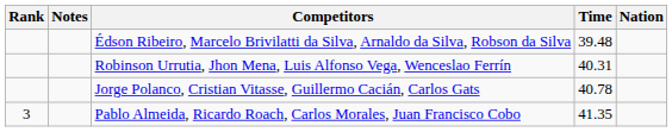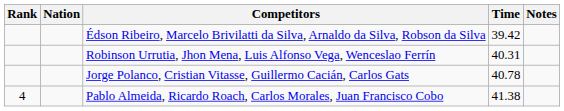 <table class="wikitable sortable" style="text-align:center">
 <tr>
 <th>Rank</th>
-<th>Notes</th>
+<th>Nation</th>
 <th>Competitors</th>
 <th>Time</th>
-<th>Nation</th>
+<th>Notes</th>
 </tr>
 <tr>
 <td></td>
+<td align=left></td>
+<td align=left><a href='#'>Édson Ribeiro</a>, <a href='#'>Marcelo Brivilatti da Silva</a>, <a href='#'>Arnaldo da Silva</a>, <a href='#'>Robson da Silva</a></td>
+<td>39.42</td>
 <td></td>
-<td align=left><a href='#'>Édson Ribeiro</a>, <a href='#'>Marcelo Brivilatti da Silva</a>, <a href='#'>Arnaldo da Silva</a>, <a href='#'>Robson da Silva</a></td>
-<td>39.48</td>
-<td align=left></td>
 </tr>
 <tr>
 <td></td>
-<td></td>
+<td align=left></td>
 <td align=left><a href='#'>Robinson Urrutia</a>, <a href='#'>Jhon Mena</a>, <a href='#'>Luis Alfonso Vega</a>, <a href='#'>Wenceslao Ferrín</a></td>
 <td>40.31</td>
-<td align=left></td>
+<td></td>
 </tr>
 <tr>
 <td></td>
-<td></td>
+<td align=left></td>
 <td align=left><a href='#'>Jorge Polanco</a>, <a href='#'>Cristian Vitasse</a>, <a href='#'>Guillermo Cacián</a>, <a href='#'>Carlos Gats</a></td>
 <td>40.78</td>
-<td align=left></td>
+<td></td>
 </tr>
 <tr>
-<td>3</td>
+<td>4</td>
+<td align=left></td>
+<td align=left><a href='#'>Pablo Almeida</a>, <a href='#'>Ricardo Roach</a>, <a href='#'>Carlos Morales</a>, <a href='#'>Juan Francisco Cobo</a></td>
+<td>41.38</td>
 <td></td>
-<td align=left><a href='#'>Pablo Almeida</a>, <a href='#'>Ricardo Roach</a>, <a href='#'>Carlos Morales</a>, <a href='#'>Juan Francisco Cobo</a></td>
-<td>41.35</td>
-<td align=left></td>
 </tr>
 </table>
